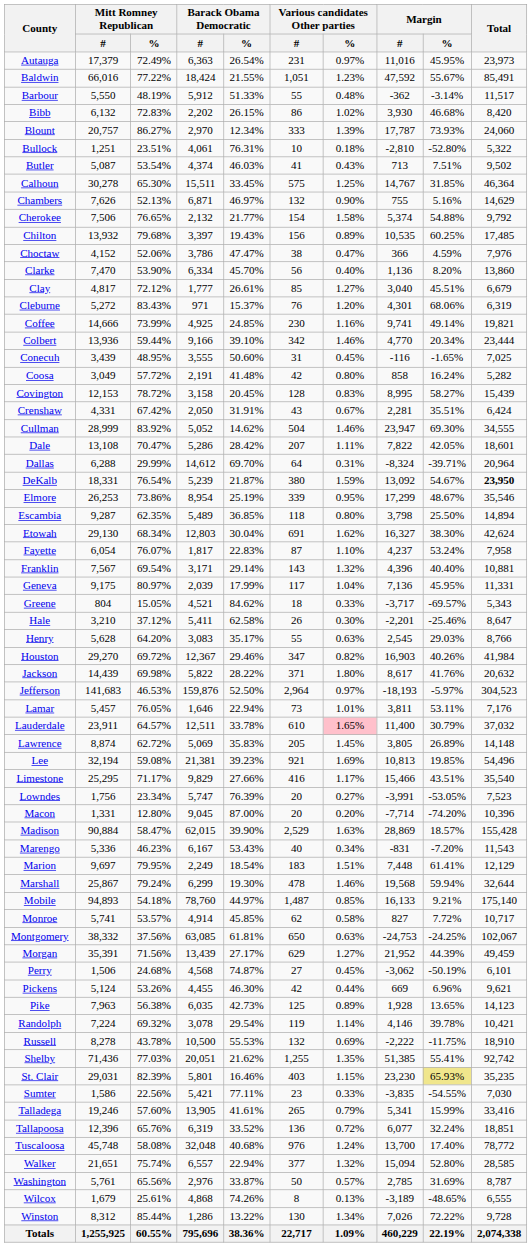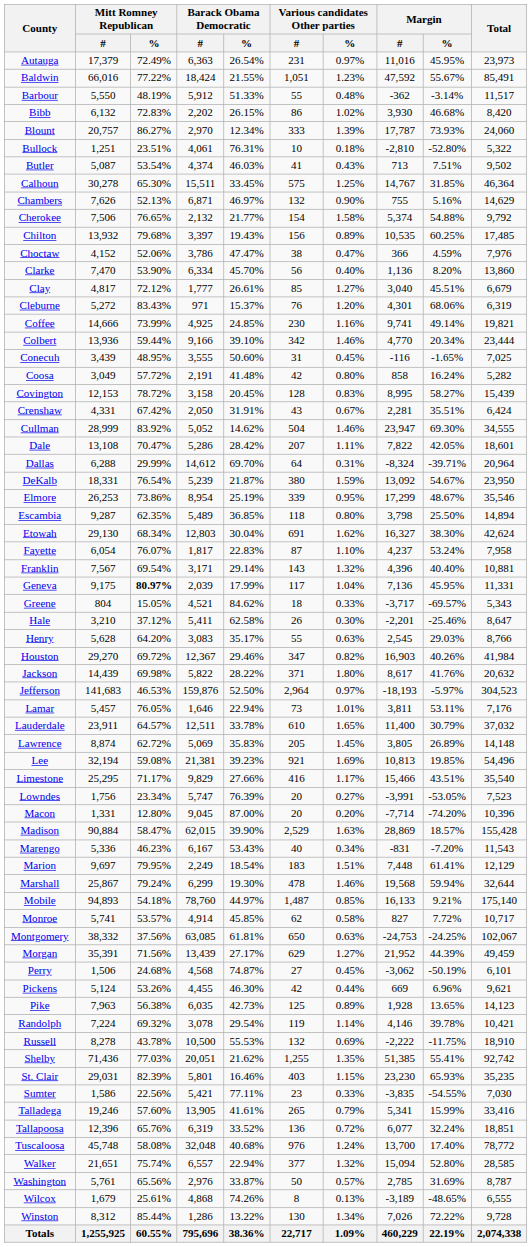 <table width="60%" class="wikitable sortable">
 <tr>
 <th rowspan="2">County</th>
 <th colspan="2">Mitt Romney<br>Republican</th>
 <th colspan="2">Barack Obama<br>Democratic</th>
 <th colspan="2">Various candidates<br>Other parties</th>
 <th colspan="2">Margin</th>
 <th rowspan="2">Total</th>
 </tr>
 <tr>
 <th style="text-align:center;" data-sort-type="number">#</th>
 <th style="text-align:center;" data-sort-type="number">%</th>
 <th style="text-align:center;" data-sort-type="number">#</th>
 <th style="text-align:center;" data-sort-type="number">%</th>
 <th style="text-align:center;" data-sort-type="number">#</th>
 <th style="text-align:center;" data-sort-type="number">%</th>
 <th style="text-align:center;" data-sort-type="number">#</th>
 <th style="text-align:center;" data-sort-type="number">%</th>
 </tr>
 <tr style="text-align:center;">
 <td><a href='#'>Autauga</a></td>
 <td>17,379</td>
 <td>72.49%</td>
 <td>6,363</td>
 <td>26.54%</td>
 <td>231</td>
 <td>0.97%</td>
 <td>11,016</td>
 <td>45.95%</td>
 <td>23,973</td>
 </tr>
 <tr style="text-align:center;">
 <td><a href='#'>Baldwin</a></td>
 <td>66,016</td>
 <td>77.22%</td>
 <td>18,424</td>
 <td>21.55%</td>
 <td>1,051</td>
 <td>1.23%</td>
 <td>47,592</td>
 <td>55.67%</td>
 <td>85,491</td>
 </tr>
 <tr style="text-align:center;">
 <td><a href='#'>Barbour</a></td>
 <td>5,550</td>
 <td>48.19%</td>
 <td>5,912</td>
 <td>51.33%</td>
 <td>55</td>
 <td>0.48%</td>
 <td>-362</td>
 <td>-3.14%</td>
 <td>11,517</td>
 </tr>
 <tr style="text-align:center;">
 <td><a href='#'>Bibb</a></td>
 <td>6,132</td>
 <td>72.83%</td>
 <td>2,202</td>
 <td>26.15%</td>
 <td>86</td>
 <td>1.02%</td>
 <td>3,930</td>
 <td>46.68%</td>
 <td>8,420</td>
 </tr>
 <tr style="text-align:center;">
 <td><a href='#'>Blount</a></td>
 <td>20,757</td>
 <td>86.27%</td>
 <td>2,970</td>
 <td>12.34%</td>
 <td>333</td>
 <td>1.39%</td>
 <td>17,787</td>
 <td>73.93%</td>
 <td>24,060</td>
 </tr>
 <tr style="text-align:center;">
 <td><a href='#'>Bullock</a></td>
 <td>1,251</td>
 <td>23.51%</td>
 <td>4,061</td>
 <td>76.31%</td>
 <td>10</td>
 <td>0.18%</td>
 <td>-2,810</td>
 <td>-52.80%</td>
 <td>5,322</td>
 </tr>
 <tr style="text-align:center;">
 <td><a href='#'>Butler</a></td>
 <td>5,087</td>
 <td>53.54%</td>
 <td>4,374</td>
 <td>46.03%</td>
 <td>41</td>
 <td>0.43%</td>
 <td>713</td>
 <td>7.51%</td>
 <td>9,502</td>
 </tr>
 <tr style="text-align:center;">
 <td><a href='#'>Calhoun</a></td>
 <td>30,278</td>
 <td>65.30%</td>
 <td>15,511</td>
 <td>33.45%</td>
 <td>575</td>
 <td>1.25%</td>
 <td>14,767</td>
 <td>31.85%</td>
 <td>46,364</td>
 </tr>
 <tr style="text-align:center;">
 <td><a href='#'>Chambers</a></td>
 <td>7,626</td>
 <td>52.13%</td>
 <td>6,871</td>
 <td>46.97%</td>
 <td>132</td>
 <td>0.90%</td>
 <td>755</td>
 <td>5.16%</td>
 <td>14,629</td>
 </tr>
 <tr style="text-align:center;">
 <td><a href='#'>Cherokee</a></td>
 <td>7,506</td>
 <td>76.65%</td>
 <td>2,132</td>
 <td>21.77%</td>
 <td>154</td>
 <td>1.58%</td>
 <td>5,374</td>
 <td>54.88%</td>
 <td>9,792</td>
 </tr>
 <tr style="text-align:center;">
 <td><a href='#'>Chilton</a></td>
 <td>13,932</td>
 <td>79.68%</td>
 <td>3,397</td>
 <td>19.43%</td>
 <td>156</td>
 <td>0.89%</td>
 <td>10,535</td>
 <td>60.25%</td>
 <td>17,485</td>
 </tr>
 <tr style="text-align:center;">
 <td><a href='#'>Choctaw</a></td>
 <td>4,152</td>
 <td>52.06%</td>
 <td>3,786</td>
 <td>47.47%</td>
 <td>38</td>
 <td>0.47%</td>
 <td>366</td>
 <td>4.59%</td>
 <td>7,976</td>
 </tr>
 <tr style="text-align:center;">
 <td><a href='#'>Clarke</a></td>
 <td>7,470</td>
 <td>53.90%</td>
 <td>6,334</td>
 <td>45.70%</td>
 <td>56</td>
 <td>0.40%</td>
 <td>1,136</td>
 <td>8.20%</td>
 <td>13,860</td>
 </tr>
 <tr style="text-align:center;">
 <td><a href='#'>Clay</a></td>
 <td>4,817</td>
 <td>72.12%</td>
 <td>1,777</td>
 <td>26.61%</td>
 <td>85</td>
 <td>1.27%</td>
 <td>3,040</td>
 <td>45.51%</td>
 <td>6,679</td>
 </tr>
 <tr style="text-align:center;">
 <td><a href='#'>Cleburne</a></td>
 <td>5,272</td>
 <td>83.43%</td>
 <td>971</td>
 <td>15.37%</td>
 <td>76</td>
 <td>1.20%</td>
 <td>4,301</td>
 <td>68.06%</td>
 <td>6,319</td>
 </tr>
 <tr style="text-align:center;">
 <td><a href='#'>Coffee</a></td>
 <td>14,666</td>
 <td>73.99%</td>
 <td>4,925</td>
 <td>24.85%</td>
 <td>230</td>
 <td>1.16%</td>
 <td>9,741</td>
 <td>49.14%</td>
 <td>19,821</td>
 </tr>
 <tr style="text-align:center;">
 <td><a href='#'>Colbert</a></td>
 <td>13,936</td>
 <td>59.44%</td>
 <td>9,166</td>
 <td>39.10%</td>
 <td>342</td>
 <td>1.46%</td>
 <td>4,770</td>
 <td>20.34%</td>
 <td>23,444</td>
 </tr>
 <tr style="text-align:center;">
 <td><a href='#'>Conecuh</a></td>
 <td>3,439</td>
 <td>48.95%</td>
 <td>3,555</td>
 <td>50.60%</td>
 <td>31</td>
 <td>0.45%</td>
 <td>-116</td>
 <td>-1.65%</td>
 <td>7,025</td>
 </tr>
 <tr style="text-align:center;">
 <td><a href='#'>Coosa</a></td>
 <td>3,049</td>
 <td>57.72%</td>
 <td>2,191</td>
 <td>41.48%</td>
 <td>42</td>
 <td>0.80%</td>
 <td>858</td>
 <td>16.24%</td>
 <td>5,282</td>
 </tr>
 <tr style="text-align:center;">
 <td><a href='#'>Covington</a></td>
 <td>12,153</td>
 <td>78.72%</td>
 <td>3,158</td>
 <td>20.45%</td>
 <td>128</td>
 <td>0.83%</td>
 <td>8,995</td>
 <td>58.27%</td>
 <td>15,439</td>
 </tr>
 <tr style="text-align:center;">
 <td><a href='#'>Crenshaw</a></td>
 <td>4,331</td>
 <td>67.42%</td>
 <td>2,050</td>
 <td>31.91%</td>
 <td>43</td>
 <td>0.67%</td>
 <td>2,281</td>
 <td>35.51%</td>
 <td>6,424</td>
 </tr>
 <tr style="text-align:center;">
 <td><a href='#'>Cullman</a></td>
 <td>28,999</td>
 <td>83.92%</td>
 <td>5,052</td>
 <td>14.62%</td>
 <td>504</td>
 <td>1.46%</td>
 <td>23,947</td>
 <td>69.30%</td>
 <td>34,555</td>
 </tr>
 <tr style="text-align:center;">
 <td><a href='#'>Dale</a></td>
 <td>13,108</td>
 <td>70.47%</td>
 <td>5,286</td>
 <td>28.42%</td>
 <td>207</td>
 <td>1.11%</td>
 <td>7,822</td>
 <td>42.05%</td>
 <td>18,601</td>
 </tr>
 <tr style="text-align:center;">
 <td><a href='#'>Dallas</a></td>
 <td>6,288</td>
 <td>29.99%</td>
 <td>14,612</td>
 <td>69.70%</td>
 <td>64</td>
 <td>0.31%</td>
 <td>-8,324</td>
 <td>-39.71%</td>
 <td>20,964</td>
 </tr>
 <tr style="text-align:center;">
 <td><a href='#'>DeKalb</a></td>
 <td>18,331</td>
 <td>76.54%</td>
 <td>5,239</td>
 <td>21.87%</td>
 <td>380</td>
 <td>1.59%</td>
 <td>13,092</td>
 <td>54.67%</td>
-<td><strong>23,950</strong></td>
+<td>23,950</td>
 </tr>
 <tr style="text-align:center;">
 <td><a href='#'>Elmore</a></td>
 <td>26,253</td>
 <td>73.86%</td>
 <td>8,954</td>
 <td>25.19%</td>
 <td>339</td>
 <td>0.95%</td>
 <td>17,299</td>
 <td>48.67%</td>
 <td>35,546</td>
 </tr>
 <tr style="text-align:center;">
 <td><a href='#'>Escambia</a></td>
 <td>9,287</td>
 <td>62.35%</td>
 <td>5,489</td>
 <td>36.85%</td>
 <td>118</td>
 <td>0.80%</td>
 <td>3,798</td>
 <td>25.50%</td>
 <td>14,894</td>
 </tr>
 <tr style="text-align:center;">
 <td><a href='#'>Etowah</a></td>
 <td>29,130</td>
 <td>68.34%</td>
 <td>12,803</td>
 <td>30.04%</td>
 <td>691</td>
 <td>1.62%</td>
 <td>16,327</td>
 <td>38.30%</td>
 <td>42,624</td>
 </tr>
 <tr style="text-align:center;">
 <td><a href='#'>Fayette</a></td>
 <td>6,054</td>
 <td>76.07%</td>
 <td>1,817</td>
 <td>22.83%</td>
 <td>87</td>
 <td>1.10%</td>
 <td>4,237</td>
 <td>53.24%</td>
 <td>7,958</td>
 </tr>
 <tr style="text-align:center;">
 <td><a href='#'>Franklin</a></td>
 <td>7,567</td>
 <td>69.54%</td>
 <td>3,171</td>
 <td>29.14%</td>
 <td>143</td>
 <td>1.32%</td>
 <td>4,396</td>
 <td>40.40%</td>
 <td>10,881</td>
 </tr>
 <tr style="text-align:center;">
 <td><a href='#'>Geneva</a></td>
 <td>9,175</td>
-<td>80.97%</td>
+<td><strong>80.97%</strong></td>
 <td>2,039</td>
 <td>17.99%</td>
 <td>117</td>
 <td>1.04%</td>
 <td>7,136</td>
 <td>45.95%</td>
 <td>11,331</td>
 </tr>
 <tr style="text-align:center;">
 <td><a href='#'>Greene</a></td>
 <td>804</td>
 <td>15.05%</td>
 <td>4,521</td>
 <td>84.62%</td>
 <td>18</td>
 <td>0.33%</td>
 <td>-3,717</td>
 <td>-69.57%</td>
 <td>5,343</td>
 </tr>
 <tr style="text-align:center;">
 <td><a href='#'>Hale</a></td>
 <td>3,210</td>
 <td>37.12%</td>
 <td>5,411</td>
 <td>62.58%</td>
 <td>26</td>
 <td>0.30%</td>
 <td>-2,201</td>
 <td>-25.46%</td>
 <td>8,647</td>
 </tr>
 <tr style="text-align:center;">
 <td><a href='#'>Henry</a></td>
 <td>5,628</td>
 <td>64.20%</td>
 <td>3,083</td>
 <td>35.17%</td>
 <td>55</td>
 <td>0.63%</td>
 <td>2,545</td>
 <td>29.03%</td>
 <td>8,766</td>
 </tr>
 <tr style="text-align:center;">
 <td><a href='#'>Houston</a></td>
 <td>29,270</td>
 <td>69.72%</td>
 <td>12,367</td>
 <td>29.46%</td>
 <td>347</td>
 <td>0.82%</td>
 <td>16,903</td>
 <td>40.26%</td>
 <td>41,984</td>
 </tr>
 <tr style="text-align:center;">
 <td><a href='#'>Jackson</a></td>
 <td>14,439</td>
 <td>69.98%</td>
 <td>5,822</td>
 <td>28.22%</td>
 <td>371</td>
 <td>1.80%</td>
 <td>8,617</td>
 <td>41.76%</td>
 <td>20,632</td>
 </tr>
 <tr style="text-align:center;">
 <td><a href='#'>Jefferson</a></td>
 <td>141,683</td>
 <td>46.53%</td>
 <td>159,876</td>
 <td>52.50%</td>
 <td>2,964</td>
 <td>0.97%</td>
 <td>-18,193</td>
 <td>-5.97%</td>
 <td>304,523</td>
 </tr>
 <tr style="text-align:center;">
 <td><a href='#'>Lamar</a></td>
 <td>5,457</td>
 <td>76.05%</td>
 <td>1,646</td>
 <td>22.94%</td>
 <td>73</td>
 <td>1.01%</td>
 <td>3,811</td>
 <td>53.11%</td>
 <td>7,176</td>
 </tr>
 <tr style="text-align:center;">
 <td><a href='#'>Lauderdale</a></td>
 <td>23,911</td>
 <td>64.57%</td>
 <td>12,511</td>
 <td>33.78%</td>
 <td>610</td>
-<td style="background: pink;">1.65%</td>
+<td>1.65%</td>
 <td>11,400</td>
 <td>30.79%</td>
 <td>37,032</td>
 </tr>
 <tr style="text-align:center;">
 <td><a href='#'>Lawrence</a></td>
 <td>8,874</td>
 <td>62.72%</td>
 <td>5,069</td>
 <td>35.83%</td>
 <td>205</td>
 <td>1.45%</td>
 <td>3,805</td>
 <td>26.89%</td>
 <td>14,148</td>
 </tr>
 <tr style="text-align:center;">
 <td><a href='#'>Lee</a></td>
 <td>32,194</td>
 <td>59.08%</td>
 <td>21,381</td>
 <td>39.23%</td>
 <td>921</td>
 <td>1.69%</td>
 <td>10,813</td>
 <td>19.85%</td>
 <td>54,496</td>
 </tr>
 <tr style="text-align:center;">
 <td><a href='#'>Limestone</a></td>
 <td>25,295</td>
 <td>71.17%</td>
 <td>9,829</td>
 <td>27.66%</td>
 <td>416</td>
 <td>1.17%</td>
 <td>15,466</td>
 <td>43.51%</td>
 <td>35,540</td>
 </tr>
 <tr style="text-align:center;">
 <td><a href='#'>Lowndes</a></td>
 <td>1,756</td>
 <td>23.34%</td>
 <td>5,747</td>
 <td>76.39%</td>
 <td>20</td>
 <td>0.27%</td>
 <td>-3,991</td>
 <td>-53.05%</td>
 <td>7,523</td>
 </tr>
 <tr style="text-align:center;">
 <td><a href='#'>Macon</a></td>
 <td>1,331</td>
 <td>12.80%</td>
 <td>9,045</td>
 <td>87.00%</td>
 <td>20</td>
 <td>0.20%</td>
 <td>-7,714</td>
 <td>-74.20%</td>
 <td>10,396</td>
 </tr>
 <tr style="text-align:center;">
 <td><a href='#'>Madison</a></td>
 <td>90,884</td>
 <td>58.47%</td>
 <td>62,015</td>
 <td>39.90%</td>
 <td>2,529</td>
 <td>1.63%</td>
 <td>28,869</td>
 <td>18.57%</td>
 <td>155,428</td>
 </tr>
 <tr style="text-align:center;">
 <td><a href='#'>Marengo</a></td>
 <td>5,336</td>
 <td>46.23%</td>
 <td>6,167</td>
 <td>53.43%</td>
 <td>40</td>
 <td>0.34%</td>
 <td>-831</td>
 <td>-7.20%</td>
 <td>11,543</td>
 </tr>
 <tr style="text-align:center;">
 <td><a href='#'>Marion</a></td>
 <td>9,697</td>
 <td>79.95%</td>
 <td>2,249</td>
 <td>18.54%</td>
 <td>183</td>
 <td>1.51%</td>
 <td>7,448</td>
 <td>61.41%</td>
 <td>12,129</td>
 </tr>
 <tr style="text-align:center;">
 <td><a href='#'>Marshall</a></td>
 <td>25,867</td>
 <td>79.24%</td>
 <td>6,299</td>
 <td>19.30%</td>
 <td>478</td>
 <td>1.46%</td>
 <td>19,568</td>
 <td>59.94%</td>
 <td>32,644</td>
 </tr>
 <tr style="text-align:center;">
 <td><a href='#'>Mobile</a></td>
 <td>94,893</td>
 <td>54.18%</td>
 <td>78,760</td>
 <td>44.97%</td>
 <td>1,487</td>
 <td>0.85%</td>
 <td>16,133</td>
 <td>9.21%</td>
 <td>175,140</td>
 </tr>
 <tr style="text-align:center;">
 <td><a href='#'>Monroe</a></td>
 <td>5,741</td>
 <td>53.57%</td>
 <td>4,914</td>
 <td>45.85%</td>
 <td>62</td>
 <td>0.58%</td>
 <td>827</td>
 <td>7.72%</td>
 <td>10,717</td>
 </tr>
 <tr style="text-align:center;">
 <td><a href='#'>Montgomery</a></td>
 <td>38,332</td>
 <td>37.56%</td>
 <td>63,085</td>
 <td>61.81%</td>
 <td>650</td>
 <td>0.63%</td>
 <td>-24,753</td>
 <td>-24.25%</td>
 <td>102,067</td>
 </tr>
 <tr style="text-align:center;">
 <td><a href='#'>Morgan</a></td>
 <td>35,391</td>
 <td>71.56%</td>
 <td>13,439</td>
 <td>27.17%</td>
 <td>629</td>
 <td>1.27%</td>
 <td>21,952</td>
 <td>44.39%</td>
 <td>49,459</td>
 </tr>
 <tr style="text-align:center;">
 <td><a href='#'>Perry</a></td>
 <td>1,506</td>
 <td>24.68%</td>
 <td>4,568</td>
 <td>74.87%</td>
 <td>27</td>
 <td>0.45%</td>
 <td>-3,062</td>
 <td>-50.19%</td>
 <td>6,101</td>
 </tr>
 <tr style="text-align:center;">
 <td><a href='#'>Pickens</a></td>
 <td>5,124</td>
 <td>53.26%</td>
 <td>4,455</td>
 <td>46.30%</td>
 <td>42</td>
 <td>0.44%</td>
 <td>669</td>
 <td>6.96%</td>
 <td>9,621</td>
 </tr>
 <tr style="text-align:center;">
 <td><a href='#'>Pike</a></td>
 <td>7,963</td>
 <td>56.38%</td>
 <td>6,035</td>
 <td>42.73%</td>
 <td>125</td>
 <td>0.89%</td>
 <td>1,928</td>
 <td>13.65%</td>
 <td>14,123</td>
 </tr>
 <tr style="text-align:center;">
 <td><a href='#'>Randolph</a></td>
 <td>7,224</td>
 <td>69.32%</td>
 <td>3,078</td>
 <td>29.54%</td>
 <td>119</td>
 <td>1.14%</td>
 <td>4,146</td>
 <td>39.78%</td>
 <td>10,421</td>
 </tr>
 <tr style="text-align:center;">
 <td><a href='#'>Russell</a></td>
 <td>8,278</td>
 <td>43.78%</td>
 <td>10,500</td>
 <td>55.53%</td>
 <td>132</td>
 <td>0.69%</td>
 <td>-2,222</td>
 <td>-11.75%</td>
 <td>18,910</td>
 </tr>
 <tr style="text-align:center;">
 <td><a href='#'>Shelby</a></td>
 <td>71,436</td>
 <td>77.03%</td>
 <td>20,051</td>
 <td>21.62%</td>
 <td>1,255</td>
 <td>1.35%</td>
 <td>51,385</td>
 <td>55.41%</td>
 <td>92,742</td>
 </tr>
 <tr style="text-align:center;">
 <td><a href='#'>St. Clair</a></td>
 <td>29,031</td>
 <td>82.39%</td>
 <td>5,801</td>
 <td>16.46%</td>
 <td>403</td>
 <td>1.15%</td>
 <td>23,230</td>
-<td style="background: khaki;">65.93%</td>
+<td>65.93%</td>
 <td>35,235</td>
 </tr>
 <tr style="text-align:center;">
 <td><a href='#'>Sumter</a></td>
 <td>1,586</td>
 <td>22.56%</td>
 <td>5,421</td>
 <td>77.11%</td>
 <td>23</td>
 <td>0.33%</td>
 <td>-3,835</td>
 <td>-54.55%</td>
 <td>7,030</td>
 </tr>
 <tr style="text-align:center;">
 <td><a href='#'>Talladega</a></td>
 <td>19,246</td>
 <td>57.60%</td>
 <td>13,905</td>
 <td>41.61%</td>
 <td>265</td>
 <td>0.79%</td>
 <td>5,341</td>
 <td>15.99%</td>
 <td>33,416</td>
 </tr>
 <tr style="text-align:center;">
 <td><a href='#'>Tallapoosa</a></td>
 <td>12,396</td>
 <td>65.76%</td>
 <td>6,319</td>
 <td>33.52%</td>
 <td>136</td>
 <td>0.72%</td>
 <td>6,077</td>
 <td>32.24%</td>
 <td>18,851</td>
 </tr>
 <tr style="text-align:center;">
 <td><a href='#'>Tuscaloosa</a></td>
 <td>45,748</td>
 <td>58.08%</td>
 <td>32,048</td>
 <td>40.68%</td>
 <td>976</td>
 <td>1.24%</td>
 <td>13,700</td>
 <td>17.40%</td>
 <td>78,772</td>
 </tr>
 <tr style="text-align:center;">
 <td><a href='#'>Walker</a></td>
 <td>21,651</td>
 <td>75.74%</td>
 <td>6,557</td>
 <td>22.94%</td>
 <td>377</td>
 <td>1.32%</td>
 <td>15,094</td>
 <td>52.80%</td>
 <td>28,585</td>
 </tr>
 <tr style="text-align:center;">
 <td><a href='#'>Washington</a></td>
 <td>5,761</td>
 <td>65.56%</td>
 <td>2,976</td>
 <td>33.87%</td>
 <td>50</td>
 <td>0.57%</td>
 <td>2,785</td>
 <td>31.69%</td>
 <td>8,787</td>
 </tr>
 <tr style="text-align:center;">
 <td><a href='#'>Wilcox</a></td>
 <td>1,679</td>
 <td>25.61%</td>
 <td>4,868</td>
 <td>74.26%</td>
 <td>8</td>
 <td>0.13%</td>
 <td>-3,189</td>
 <td>-48.65%</td>
 <td>6,555</td>
 </tr>
 <tr style="text-align:center;">
 <td><a href='#'>Winston</a></td>
 <td>8,312</td>
 <td>85.44%</td>
 <td>1,286</td>
 <td>13.22%</td>
 <td>130</td>
 <td>1.34%</td>
 <td>7,026</td>
 <td>72.22%</td>
 <td>9,728</td>
 </tr>
 <tr>
 <th>Totals</th>
 <th>1,255,925</th>
 <th>60.55%</th>
 <th>795,696</th>
 <th>38.36%</th>
 <th>22,717</th>
 <th>1.09%</th>
 <th>460,229</th>
 <th>22.19%</th>
 <th>2,074,338</th>
 </tr>
 </table>
